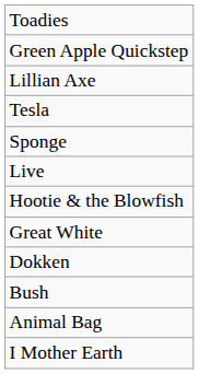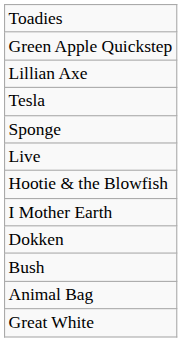 <table class="wikitable">
 <tr>
 <td>Toadies</td>
 </tr>
 <tr>
 <td>Green Apple Quickstep</td>
 </tr>
 <tr>
 <td>Lillian Axe</td>
 </tr>
 <tr>
 <td>Tesla</td>
 </tr>
 <tr>
 <td>Sponge</td>
 </tr>
 <tr>
 <td>Live</td>
 </tr>
 <tr>
 <td>Hootie & the Blowfish</td>
 </tr>
 <tr>
-<td>Great White</td>
+<td>I Mother Earth</td>
 </tr>
 <tr>
 <td>Dokken</td>
 </tr>
 <tr>
 <td>Bush</td>
 </tr>
 <tr>
 <td>Animal Bag</td>
 </tr>
 <tr>
-<td>I Mother Earth</td>
+<td>Great White</td>
 </tr>
 </table>
